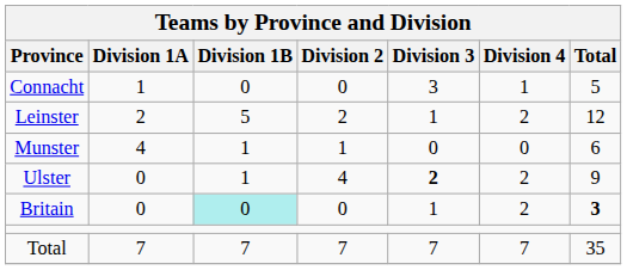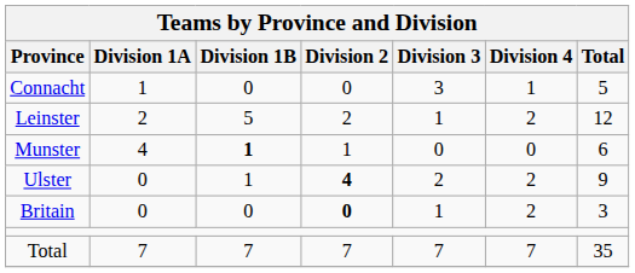 <table class="wikitable" style="text-align:center">
 <tr>
 <th colspan=7><big>Teams by Province and Division</big></th>
 </tr>
 <tr>
 <th>Province</th>
 <th>Division 1A</th>
 <th>Division 1B</th>
 <th>Division 2</th>
 <th>Division 3</th>
 <th>Division 4</th>
 <th>Total</th>
 </tr>
 <tr>
 <td><a href='#'>Connacht</a></td>
 <td>1</td>
 <td>0</td>
 <td>0</td>
 <td>3</td>
 <td>1</td>
 <td>5</td>
 </tr>
 <tr>
 <td><a href='#'>Leinster</a></td>
 <td>2</td>
 <td>5</td>
 <td>2</td>
 <td>1</td>
 <td>2</td>
 <td>12</td>
 </tr>
 <tr>
 <td><a href='#'>Munster</a></td>
 <td>4</td>
-<td>1</td>
+<td><strong>1</strong></td>
 <td>1</td>
 <td>0</td>
 <td>0</td>
 <td>6</td>
 </tr>
 <tr>
 <td><a href='#'>Ulster</a></td>
 <td>0</td>
 <td>1</td>
-<td>4</td>
-<td><strong>2</strong></td>
+<td><strong>4</strong></td>
+<td>2</td>
 <td>2</td>
 <td>9</td>
 </tr>
 <tr>
 <td><a href='#'>Britain</a></td>
 <td>0</td>
-<td style="background: paleturquoise;">0</td>
 <td>0</td>
+<td><strong>0</strong></td>
 <td>1</td>
 <td>2</td>
-<td><strong>3</strong></td>
+<td>3</td>
 </tr>
 <tr>
 <td colspan=7></td>
 </tr>
 <tr>
 <td>Total</td>
 <td>7</td>
 <td>7</td>
 <td>7</td>
 <td>7</td>
 <td>7</td>
 <td>35</td>
 </tr>
 <tr>
 </tr>
 </table>
